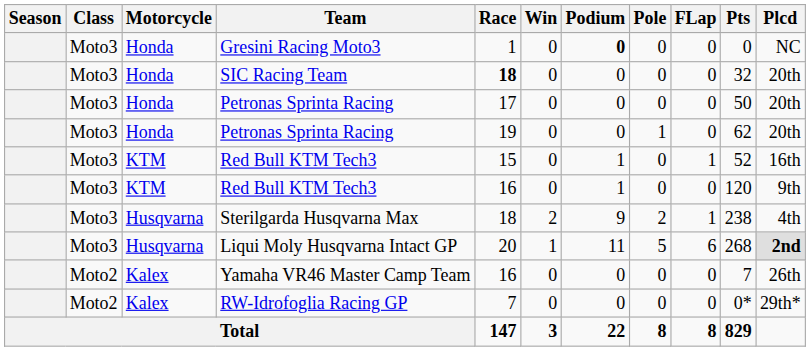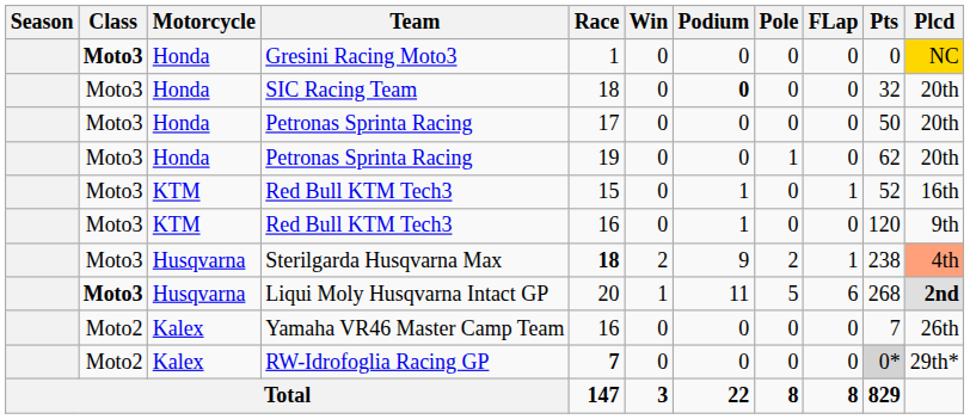 <table class="wikitable" style="text-align:right;">
 <tr>
 <th>Season</th>
 <th>Class</th>
 <th>Motorcycle</th>
 <th>Team</th>
 <th>Race</th>
 <th>Win</th>
 <th>Podium</th>
 <th>Pole</th>
 <th>FLap</th>
 <th>Pts</th>
 <th>Plcd</th>
 </tr>
 <tr>
 <th></th>
-<td>Moto3</td>
+<td><strong>Moto3</strong></td>
 <td style="text-align:left;"><a href='#'>Honda</a></td>
 <td style="text-align:left;"><a href='#'>Gresini Racing Moto3</a></td>
 <td>1</td>
 <td>0</td>
-<td><strong>0</strong></td>
 <td>0</td>
 <td>0</td>
 <td>0</td>
-<td>NC</td>
+<td>0</td>
+<td style="background: gold;">NC</td>
 </tr>
 <tr>
 <th></th>
 <td>Moto3</td>
 <td style="text-align:left;"><a href='#'>Honda</a></td>
 <td style="text-align:left;"><a href='#'>SIC Racing Team</a></td>
-<td><strong>18</strong></td>
+<td>18</td>
 <td>0</td>
-<td>0</td>
+<td><strong>0</strong></td>
 <td>0</td>
 <td>0</td>
 <td>32</td>
 <td>20th</td>
 </tr>
 <tr>
 <th></th>
 <td>Moto3</td>
 <td style="text-align:left;"><a href='#'>Honda</a></td>
 <td style="text-align:left;"><a href='#'>Petronas Sprinta Racing</a></td>
 <td>17</td>
 <td>0</td>
 <td>0</td>
 <td>0</td>
 <td>0</td>
 <td>50</td>
 <td>20th</td>
 </tr>
 <tr>
 <th></th>
 <td>Moto3</td>
 <td style="text-align:left;"><a href='#'>Honda</a></td>
 <td style="text-align:left;"><a href='#'>Petronas Sprinta Racing</a></td>
 <td>19</td>
 <td>0</td>
 <td>0</td>
 <td>1</td>
 <td>0</td>
 <td>62</td>
 <td>20th</td>
 </tr>
 <tr>
 <th></th>
 <td>Moto3</td>
 <td style="text-align:left;"><a href='#'>KTM</a></td>
 <td style="text-align:left;"><a href='#'>Red Bull KTM Tech3</a></td>
 <td>15</td>
 <td>0</td>
 <td>1</td>
 <td>0</td>
 <td>1</td>
 <td>52</td>
 <td>16th</td>
 </tr>
 <tr>
 <th></th>
 <td>Moto3</td>
 <td style="text-align:left;"><a href='#'>KTM</a></td>
 <td style="text-align:left;"><a href='#'>Red Bull KTM Tech3</a></td>
 <td>16</td>
 <td>0</td>
 <td>1</td>
 <td>0</td>
 <td>0</td>
 <td>120</td>
 <td>9th</td>
 </tr>
 <tr>
 <th></th>
 <td>Moto3</td>
 <td style="text-align:left;"><a href='#'>Husqvarna</a></td>
 <td style="text-align:left;">Sterilgarda Husqvarna Max</td>
-<td>18</td>
+<td><strong>18</strong></td>
 <td>2</td>
 <td>9</td>
 <td>2</td>
 <td>1</td>
 <td>238</td>
-<td>4th</td>
+<td style="background: lightsalmon;">4th</td>
 </tr>
 <tr>
 <th></th>
-<td>Moto3</td>
+<td><strong>Moto3</strong></td>
 <td style="text-align:left;"><a href='#'>Husqvarna</a></td>
 <td style="text-align:left;">Liqui Moly Husqvarna Intact GP</td>
 <td>20</td>
 <td>1</td>
 <td>11</td>
 <td>5</td>
 <td>6</td>
 <td>268</td>
 <td style="background:#DFDFDF;"><strong>2nd</strong></td>
 </tr>
 <tr>
 <th></th>
 <td>Moto2</td>
 <td style="text-align:left;"><a href='#'>Kalex</a></td>
 <td style="text-align:left;">Yamaha VR46 Master Camp Team</td>
 <td>16</td>
 <td>0</td>
 <td>0</td>
 <td>0</td>
 <td>0</td>
 <td>7</td>
 <td>26th</td>
 </tr>
 <tr>
 <th></th>
 <td>Moto2</td>
 <td style="text-align:left;"><a href='#'>Kalex</a></td>
 <td style="text-align:left;"><a href='#'>RW-Idrofoglia Racing GP</a></td>
-<td>7</td>
+<td><strong>7</strong></td>
 <td>0</td>
 <td>0</td>
 <td>0</td>
 <td>0</td>
-<td>0*</td>
+<td style="background: lightgrey;">0*</td>
 <td>29th*</td>
 </tr>
 <tr>
 <th colspan="4">Total</th>
 <td><strong>147</strong></td>
 <td><strong>3</strong></td>
 <td><strong>22</strong></td>
 <td><strong>8</strong></td>
 <td><strong>8</strong></td>
 <td><strong>829</strong></td>
 <td></td>
 </tr>
 </table>
